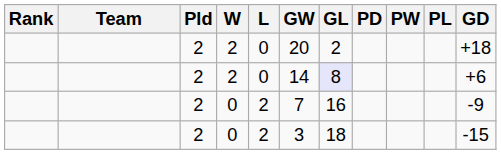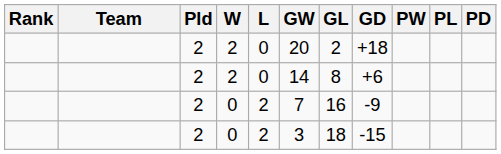 <table class=wikitable style="text-align:center">
 <tr>
 <th width=20>Rank</th>
 <th width=100>Team</th>
 <th width=20>Pld</th>
 <th width=20>W</th>
 <th width=20>L</th>
 <th width=20>GW</th>
 <th width=20>GL</th>
-<th width=20>PD</th>
+<th width=20>GD</th>
 <th width=20>PW</th>
 <th width=20>PL</th>
-<th width=20>GD</th>
+<th width=20>PD</th>
 </tr>
 <tr>
 <td></td>
 <td align=left></td>
 <td>2</td>
 <td>2</td>
 <td>0</td>
 <td>20</td>
 <td>2</td>
+<td>+18</td>
 <td></td>
 <td></td>
 <td></td>
-<td>+18</td>
 </tr>
 <tr>
 <td></td>
 <td align=left></td>
 <td>2</td>
 <td>2</td>
 <td>0</td>
 <td>14</td>
-<td style="background: lavender;">8</td>
+<td>8</td>
+<td>+6</td>
 <td></td>
 <td></td>
 <td></td>
-<td>+6</td>
 </tr>
 <tr>
 <td></td>
 <td align=left></td>
 <td>2</td>
 <td>0</td>
 <td>2</td>
 <td>7</td>
 <td>16</td>
+<td>-9</td>
 <td></td>
 <td></td>
 <td></td>
-<td>-9</td>
 </tr>
 <tr>
 <td></td>
 <td align=left></td>
 <td>2</td>
 <td>0</td>
 <td>2</td>
 <td>3</td>
 <td>18</td>
+<td>-15</td>
 <td></td>
 <td></td>
 <td></td>
-<td>-15</td>
 </tr>
 </table>
